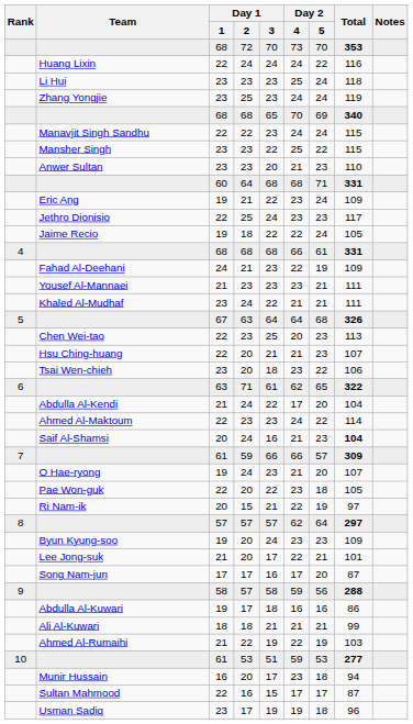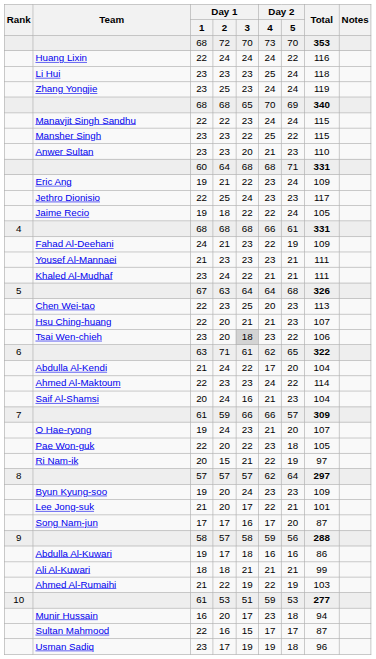 <table class="wikitable" style="text-align:center">
 <tr>
 <th rowspan=2 width=40>Rank</th>
 <th rowspan=2 width=250>Team</th>
 <th colspan=3>Day 1</th>
 <th colspan=2>Day 2</th>
 <th rowspan=2 width=50>Total</th>
 <th rowspan=2 width=45>Notes</th>
 </tr>
 <tr>
 <th width=30>1</th>
 <th width=30>2</th>
 <th width=30>3</th>
 <th width=30>4</th>
 <th width=30>5</th>
 </tr>
 <tr bgcolor=eeeeee>
 <td></td>
 <td align=left></td>
 <td>68</td>
 <td>72</td>
 <td>70</td>
 <td>73</td>
 <td>70</td>
 <td><strong>353</strong></td>
 <td></td>
 </tr>
 <tr>
 <td></td>
 <td align=left><a href='#'>Huang Lixin</a></td>
 <td>22</td>
 <td>24</td>
 <td>24</td>
 <td>24</td>
 <td>22</td>
 <td>116</td>
 <td></td>
 </tr>
 <tr>
 <td></td>
 <td align=left><a href='#'>Li Hui</a></td>
 <td>23</td>
 <td>23</td>
 <td>23</td>
 <td>25</td>
 <td>24</td>
 <td>118</td>
 <td></td>
 </tr>
 <tr>
 <td></td>
 <td align=left><a href='#'>Zhang Yongjie</a></td>
 <td>23</td>
 <td>25</td>
 <td>23</td>
 <td>24</td>
 <td>24</td>
 <td>119</td>
 <td></td>
 </tr>
 <tr bgcolor=eeeeee>
 <td></td>
 <td align=left></td>
 <td>68</td>
 <td>68</td>
 <td>65</td>
 <td>70</td>
 <td>69</td>
 <td><strong>340</strong></td>
 <td></td>
 </tr>
 <tr>
 <td></td>
 <td align=left><a href='#'>Manavjit Singh Sandhu</a></td>
 <td>22</td>
 <td>22</td>
 <td>23</td>
 <td>24</td>
 <td>24</td>
 <td>115</td>
 <td></td>
 </tr>
 <tr>
 <td></td>
 <td align=left><a href='#'>Mansher Singh</a></td>
 <td>23</td>
 <td>23</td>
 <td>22</td>
 <td>25</td>
 <td>22</td>
 <td>115</td>
 <td></td>
 </tr>
 <tr>
 <td></td>
 <td align=left><a href='#'>Anwer Sultan</a></td>
 <td>23</td>
 <td>23</td>
 <td>20</td>
 <td>21</td>
 <td>23</td>
 <td>110</td>
 <td></td>
 </tr>
 <tr bgcolor=eeeeee>
 <td></td>
 <td align=left></td>
 <td>60</td>
 <td>64</td>
 <td>68</td>
 <td>68</td>
 <td>71</td>
 <td><strong>331</strong></td>
 <td></td>
 </tr>
 <tr>
 <td></td>
 <td align=left><a href='#'>Eric Ang</a></td>
 <td>19</td>
 <td>21</td>
 <td>22</td>
 <td>23</td>
 <td>24</td>
 <td>109</td>
 <td></td>
 </tr>
 <tr>
 <td></td>
 <td align=left><a href='#'>Jethro Dionisio</a></td>
 <td>22</td>
 <td>25</td>
 <td>24</td>
 <td>23</td>
 <td>23</td>
 <td>117</td>
 <td></td>
 </tr>
 <tr>
 <td></td>
 <td align=left><a href='#'>Jaime Recio</a></td>
 <td>19</td>
 <td>18</td>
 <td>22</td>
 <td>22</td>
 <td>24</td>
 <td>105</td>
 <td></td>
 </tr>
 <tr bgcolor=eeeeee>
 <td>4</td>
 <td align=left></td>
 <td>68</td>
 <td>68</td>
 <td>68</td>
 <td>66</td>
 <td>61</td>
 <td><strong>331</strong></td>
 <td></td>
 </tr>
 <tr>
 <td></td>
 <td align=left><a href='#'>Fahad Al-Deehani</a></td>
 <td>24</td>
 <td>21</td>
 <td>23</td>
 <td>22</td>
 <td>19</td>
 <td>109</td>
 <td></td>
 </tr>
 <tr>
 <td></td>
 <td align=left><a href='#'>Yousef Al-Mannaei</a></td>
 <td>21</td>
 <td>23</td>
 <td>23</td>
 <td>23</td>
 <td>21</td>
 <td>111</td>
 <td></td>
 </tr>
 <tr>
 <td></td>
 <td align=left><a href='#'>Khaled Al-Mudhaf</a></td>
 <td>23</td>
 <td>24</td>
 <td>22</td>
 <td>21</td>
 <td>21</td>
 <td>111</td>
 <td></td>
 </tr>
 <tr bgcolor=eeeeee>
 <td>5</td>
 <td align=left></td>
 <td>67</td>
 <td>63</td>
 <td>64</td>
 <td>64</td>
 <td>68</td>
 <td><strong>326</strong></td>
 <td></td>
 </tr>
 <tr>
 <td></td>
 <td align=left><a href='#'>Chen Wei-tao</a></td>
 <td>22</td>
 <td>23</td>
 <td>25</td>
 <td>20</td>
 <td>23</td>
 <td>113</td>
 <td></td>
 </tr>
 <tr>
 <td></td>
 <td align=left><a href='#'>Hsu Ching-huang</a></td>
 <td>22</td>
 <td>20</td>
 <td>21</td>
 <td>21</td>
 <td>23</td>
 <td>107</td>
 <td></td>
 </tr>
 <tr>
 <td></td>
 <td align=left><a href='#'>Tsai Wen-chieh</a></td>
 <td>23</td>
 <td>20</td>
-<td>18</td>
+<td style="background: lightgrey;">18</td>
 <td>23</td>
 <td>22</td>
 <td>106</td>
 <td></td>
 </tr>
 <tr bgcolor=eeeeee>
 <td>6</td>
 <td align=left></td>
 <td>63</td>
 <td>71</td>
 <td>61</td>
 <td>62</td>
 <td>65</td>
 <td><strong>322</strong></td>
 <td></td>
 </tr>
 <tr>
 <td></td>
 <td align=left><a href='#'>Abdulla Al-Kendi</a></td>
 <td>21</td>
 <td>24</td>
 <td>22</td>
 <td>17</td>
 <td>20</td>
 <td>104</td>
 <td></td>
 </tr>
 <tr>
 <td></td>
 <td align=left><a href='#'>Ahmed Al-Maktoum</a></td>
 <td>22</td>
 <td>23</td>
 <td>23</td>
 <td>24</td>
 <td>22</td>
 <td>114</td>
 <td></td>
 </tr>
 <tr>
 <td></td>
 <td align=left><a href='#'>Saif Al-Shamsi</a></td>
 <td>20</td>
 <td>24</td>
 <td>16</td>
 <td>21</td>
 <td>23</td>
-<td><strong>104</strong></td>
+<td>104</td>
 <td></td>
 </tr>
 <tr bgcolor=eeeeee>
 <td>7</td>
 <td align=left></td>
 <td>61</td>
 <td>59</td>
 <td>66</td>
 <td>66</td>
 <td>57</td>
 <td><strong>309</strong></td>
 <td></td>
 </tr>
 <tr>
 <td></td>
 <td align=left><a href='#'>O Hae-ryong</a></td>
 <td>19</td>
 <td>24</td>
 <td>23</td>
 <td>21</td>
 <td>20</td>
 <td>107</td>
 <td></td>
 </tr>
 <tr>
 <td></td>
 <td align=left><a href='#'>Pae Won-guk</a></td>
 <td>22</td>
 <td>20</td>
 <td>22</td>
 <td>23</td>
 <td>18</td>
 <td>105</td>
 <td></td>
 </tr>
 <tr>
 <td></td>
 <td align=left><a href='#'>Ri Nam-ik</a></td>
 <td>20</td>
 <td>15</td>
 <td>21</td>
 <td>22</td>
 <td>19</td>
 <td>97</td>
 <td></td>
 </tr>
 <tr bgcolor=eeeeee>
 <td>8</td>
 <td align=left></td>
 <td>57</td>
 <td>57</td>
 <td>57</td>
 <td>62</td>
 <td>64</td>
 <td><strong>297</strong></td>
 <td></td>
 </tr>
 <tr>
 <td></td>
 <td align=left><a href='#'>Byun Kyung-soo</a></td>
 <td>19</td>
 <td>20</td>
 <td>24</td>
 <td>23</td>
 <td>23</td>
 <td>109</td>
 <td></td>
 </tr>
 <tr>
 <td></td>
 <td align=left><a href='#'>Lee Jong-suk</a></td>
 <td>21</td>
 <td>20</td>
 <td>17</td>
 <td>22</td>
 <td>21</td>
 <td>101</td>
 <td></td>
 </tr>
 <tr>
 <td></td>
 <td align=left><a href='#'>Song Nam-jun</a></td>
 <td>17</td>
 <td>17</td>
 <td>16</td>
 <td>17</td>
 <td>20</td>
 <td>87</td>
 <td></td>
 </tr>
 <tr bgcolor=eeeeee>
 <td>9</td>
 <td align=left></td>
 <td>58</td>
 <td>57</td>
 <td>58</td>
 <td>59</td>
 <td>56</td>
 <td><strong>288</strong></td>
 <td></td>
 </tr>
 <tr>
 <td></td>
 <td align=left><a href='#'>Abdulla Al-Kuwari</a></td>
 <td>19</td>
 <td>17</td>
 <td>18</td>
 <td>16</td>
 <td>16</td>
 <td>86</td>
 <td></td>
 </tr>
 <tr>
 <td></td>
 <td align=left><a href='#'>Ali Al-Kuwari</a></td>
 <td>18</td>
 <td>18</td>
 <td>21</td>
 <td>21</td>
 <td>21</td>
 <td>99</td>
 <td></td>
 </tr>
 <tr>
 <td></td>
 <td align=left><a href='#'>Ahmed Al-Rumaihi</a></td>
 <td>21</td>
 <td>22</td>
 <td>19</td>
 <td>22</td>
 <td>19</td>
 <td>103</td>
 <td></td>
 </tr>
 <tr bgcolor=eeeeee>
 <td>10</td>
 <td align=left></td>
 <td>61</td>
 <td>53</td>
 <td>51</td>
 <td>59</td>
 <td>53</td>
 <td><strong>277</strong></td>
 <td></td>
 </tr>
 <tr>
 <td></td>
 <td align=left><a href='#'>Munir Hussain</a></td>
 <td>16</td>
 <td>20</td>
 <td>17</td>
 <td>23</td>
 <td>18</td>
 <td>94</td>
 <td></td>
 </tr>
 <tr>
 <td></td>
 <td align=left><a href='#'>Sultan Mahmood</a></td>
 <td>22</td>
 <td>16</td>
 <td>15</td>
 <td>17</td>
 <td>17</td>
 <td>87</td>
 <td></td>
 </tr>
 <tr>
 <td></td>
 <td align=left><a href='#'>Usman Sadiq</a></td>
 <td>23</td>
 <td>17</td>
 <td>19</td>
 <td>19</td>
 <td>18</td>
 <td>96</td>
 <td></td>
 </tr>
 </table>
